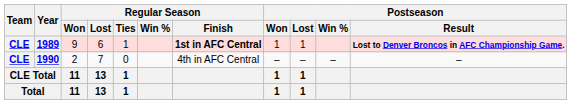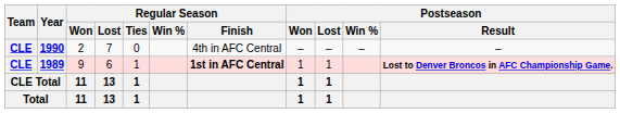 <table class="wikitable" style="font-size: 95%; text-align:center;">
 <tr>
 <th rowspan="2">Team</th>
 <th rowspan="2">Year</th>
 <th colspan="5">Regular Season</th>
 <th colspan="4">Postseason</th>
 </tr>
 <tr>
 <th>Won</th>
 <th>Lost</th>
 <th>Ties</th>
 <th>Win %</th>
 <th>Finish</th>
 <th>Won</th>
 <th>Lost</th>
 <th>Win %</th>
 <th>Result</th>
 </tr>
+<tr>
+<th><a href='#'>CLE</a></th>
+<th><a href='#'>1990</a></th>
+<td>2</td>
+<td>7</td>
+<td>0</td>
+<td></td>
+<td>4th in AFC Central</td>
+<td>–</td>
+<td>–</td>
+<td>–</td>
+<td>–</td>
+</tr>
 <tr style="background:#fdd;">
 <th><a href='#'>CLE</a></th>
 <th><a href='#'>1989</a></th>
 <td>9</td>
 <td>6</td>
 <td>1</td>
 <td></td>
 <td><strong>1st in AFC Central</strong></td>
 <td>1</td>
 <td>1</td>
 <td></td>
 <td><small><strong>Lost to <a href='#'>Denver Broncos</a> in <a href='#'>AFC Championship Game</a>.</strong></small></td>
-</tr>
-<tr>
-<th><a href='#'>CLE</a></th>
-<th><a href='#'>1990</a></th>
-<td>2</td>
-<td>7</td>
-<td>0</td>
-<td></td>
-<td>4th in AFC Central</td>
-<td>–</td>
-<td>–</td>
-<td>–</td>
-<td>–</td>
 </tr>
 <tr>
 <th colspan="2">CLE Total</th>
 <th>11</th>
 <th>13</th>
 <th>1</th>
 <th></th>
 <th></th>
 <th>1</th>
 <th>1</th>
 <th></th>
 <th></th>
 </tr>
 <tr>
 <th colspan="2">Total</th>
 <th>11</th>
 <th>13</th>
 <th>1</th>
 <th></th>
 <th></th>
 <th>1</th>
 <th>1</th>
 <th></th>
 <th></th>
 </tr>
 </table>
